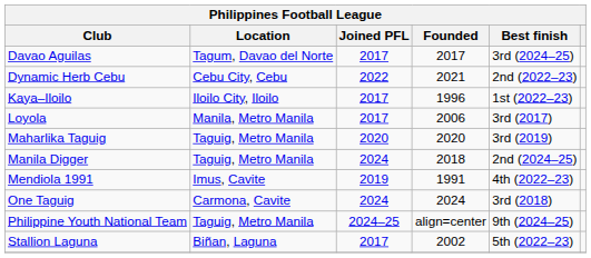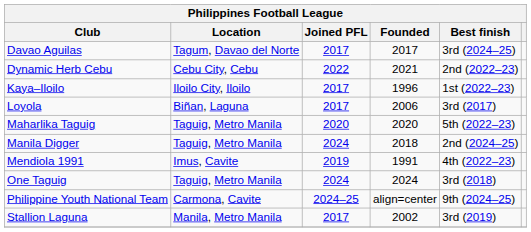 <table class="wikitable sortable" style="text-align:left">
 <tr>
 <th colspan=8>Philippines Football League</th>
 </tr>
 <tr>
 <th>Club</th>
 <th>Location</th>
 <th>Joined PFL</th>
 <th>Founded</th>
 <th>Best finish</th>
 <th class="unsortable"></th>
 </tr>
 <tr>
 <td><a href='#'>Davao Aguilas</a></td>
 <td><a href='#'>Tagum</a>, <a href='#'>Davao del Norte</a></td>
 <td align=center><a href='#'>2017</a></td>
 <td align=center>2017</td>
 <td>3rd (<a href='#'>2024–25</a>)</td>
 <td></td>
 </tr>
 <tr>
 <td><a href='#'>Dynamic Herb Cebu</a></td>
 <td><a href='#'>Cebu City</a>, <a href='#'>Cebu</a></td>
 <td align=center><a href='#'>2022</a></td>
 <td align=center>2021</td>
 <td>2nd (<a href='#'>2022–23</a>)</td>
 <td></td>
 </tr>
 <tr>
 <td><a href='#'>Kaya–Iloilo</a></td>
 <td><a href='#'>Iloilo City</a>, <a href='#'>Iloilo</a></td>
 <td align=center><a href='#'>2017</a></td>
 <td align=center>1996</td>
 <td>1st (<a href='#'>2022–23</a>)</td>
 <td></td>
 </tr>
 <tr>
 <td><a href='#'>Loyola</a></td>
-<td><a href='#'>Manila</a>, <a href='#'>Metro Manila</a></td>
+<td><a href='#'>Biñan</a>, <a href='#'>Laguna</a></td>
 <td align=center><a href='#'>2017</a></td>
 <td align=center>2006</td>
 <td>3rd (<a href='#'>2017</a>)</td>
 <td></td>
 </tr>
 <tr>
 <td><a href='#'>Maharlika Taguig</a></td>
 <td><a href='#'>Taguig</a>, <a href='#'>Metro Manila</a></td>
 <td align=center><a href='#'>2020</a></td>
 <td align=center>2020</td>
-<td>3rd (<a href='#'>2019</a>)</td>
+<td>5th (<a href='#'>2022–23</a>)</td>
 <td></td>
 </tr>
 <tr>
 <td><a href='#'>Manila Digger</a></td>
 <td><a href='#'>Taguig</a>, <a href='#'>Metro Manila</a></td>
 <td align=center><a href='#'>2024</a></td>
 <td align=center>2018</td>
 <td>2nd (<a href='#'>2024–25</a>)</td>
 <td></td>
 </tr>
 <tr>
 <td><a href='#'>Mendiola 1991</a></td>
 <td><a href='#'>Imus</a>, <a href='#'>Cavite</a></td>
 <td align=center><a href='#'>2019</a></td>
 <td align=center>1991</td>
 <td>4th (<a href='#'>2022–23</a>)</td>
 <td></td>
 </tr>
 <tr>
 <td><a href='#'>One Taguig</a></td>
-<td><a href='#'>Carmona</a>, <a href='#'>Cavite</a></td>
+<td><a href='#'>Taguig</a>, <a href='#'>Metro Manila</a></td>
 <td align=center><a href='#'>2024</a></td>
 <td align=center>2024</td>
 <td>3rd (<a href='#'>2018</a>)</td>
 <td></td>
 </tr>
 <tr>
 <td><a href='#'>Philippine Youth National Team</a></td>
-<td><a href='#'>Taguig</a>, <a href='#'>Metro Manila</a></td>
+<td><a href='#'>Carmona</a>, <a href='#'>Cavite</a></td>
 <td align=center><a href='#'>2024–25</a></td>
 <td>align=center </td>
 <td>9th (<a href='#'>2024–25</a>)</td>
 <td></td>
 </tr>
 <tr>
 <td><a href='#'>Stallion Laguna</a></td>
-<td><a href='#'>Biñan</a>, <a href='#'>Laguna</a></td>
+<td><a href='#'>Manila</a>, <a href='#'>Metro Manila</a></td>
 <td align=center><a href='#'>2017</a></td>
 <td align=center>2002</td>
-<td>5th (<a href='#'>2022–23</a>)</td>
+<td>3rd (<a href='#'>2019</a>)</td>
 <td></td>
 </tr>
 <tr>
 </tr>
 </table>
